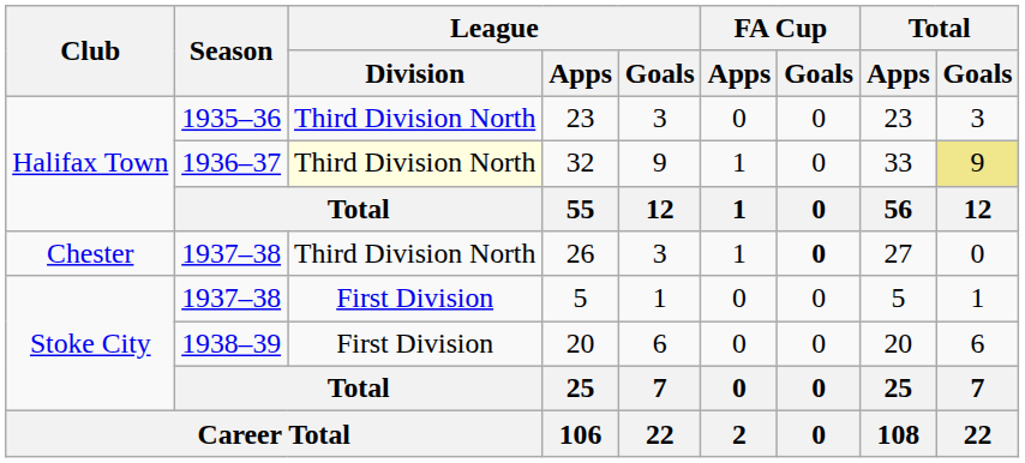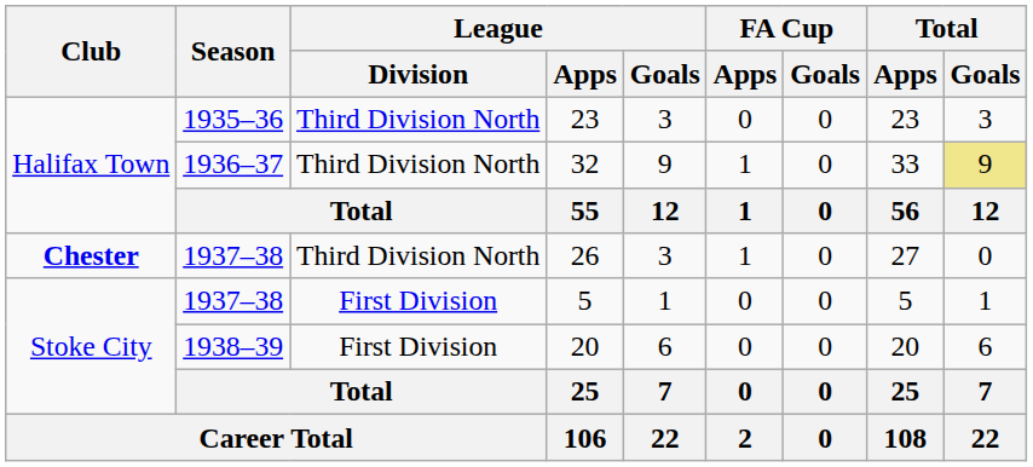 <table class="wikitable" style="text-align: center;">
 <tr>
 <th rowspan="2">Club</th>
 <th rowspan="2">Season</th>
 <th colspan="3">League</th>
 <th colspan="2">FA Cup</th>
 <th colspan="2">Total</th>
 </tr>
 <tr>
 <th>Division</th>
 <th>Apps</th>
 <th>Goals</th>
 <th>Apps</th>
 <th>Goals</th>
 <th>Apps</th>
 <th>Goals</th>
 </tr>
 <tr>
 <td rowspan="3"><a href='#'>Halifax Town</a></td>
 <td><a href='#'>1935–36</a></td>
 <td><a href='#'>Third Division North</a></td>
 <td>23</td>
 <td>3</td>
 <td>0</td>
 <td>0</td>
 <td>23</td>
 <td>3</td>
 </tr>
 <tr>
 <td><a href='#'>1936–37</a></td>
-<td style="background: lightyellow;">Third Division North</td>
+<td>Third Division North</td>
 <td>32</td>
 <td>9</td>
 <td>1</td>
 <td>0</td>
 <td>33</td>
 <td style="background: khaki;">9</td>
 </tr>
 <tr>
 <th colspan=2>Total</th>
 <th>55</th>
 <th>12</th>
 <th>1</th>
 <th>0</th>
 <th>56</th>
 <th>12</th>
 </tr>
 <tr>
-<td><a href='#'>Chester</a></td>
+<td><strong><a href='#'>Chester</a></strong></td>
 <td><a href='#'>1937–38</a></td>
 <td>Third Division North</td>
 <td>26</td>
 <td>3</td>
 <td>1</td>
-<td><strong>0</strong></td>
+<td>0</td>
 <td>27</td>
 <td>0</td>
 </tr>
 <tr>
 <td rowspan="3"><a href='#'>Stoke City</a></td>
 <td><a href='#'>1937–38</a></td>
 <td><a href='#'>First Division</a></td>
 <td>5</td>
 <td>1</td>
 <td>0</td>
 <td>0</td>
 <td>5</td>
 <td>1</td>
 </tr>
 <tr>
 <td><a href='#'>1938–39</a></td>
 <td>First Division</td>
 <td>20</td>
 <td>6</td>
 <td>0</td>
 <td>0</td>
 <td>20</td>
 <td>6</td>
 </tr>
 <tr>
 <th colspan=2>Total</th>
 <th>25</th>
 <th>7</th>
 <th>0</th>
 <th>0</th>
 <th>25</th>
 <th>7</th>
 </tr>
 <tr>
 <th colspan="3">Career Total</th>
 <th>106</th>
 <th>22</th>
 <th>2</th>
 <th>0</th>
 <th>108</th>
 <th>22</th>
 </tr>
 </table>
